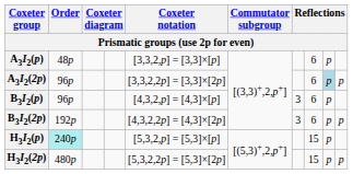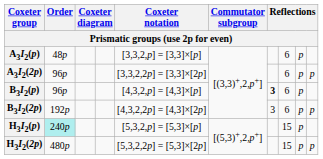 <table class=wikitable>
 <tr valign=top>
 <th><a href='#'>Coxeter<br>group</a></th>
 <th><a href='#'>Order</a></th>
 <th colspan=2><a href='#'>Coxeter<br>diagram</a></th>
 <th><a href='#'>Coxeter<br>notation</a></th>
 <th><a href='#'>Commutator<br>subgroup</a></th>
 <th colspan=4>Reflections</th>
 </tr>
 <tr>
 <th colspan=12>Prismatic groups (use 2p for even)</th>
 </tr>
 <tr align=center>
 <th>A<sub>3</sub><em>I</em><sub>2</sub>(<em>p</em>)</th>
 <td>48<em>p</em></td>
 <td></td>
 <td></td>
 <td>[3,3,2,<em>p</em>] = [3,3]×[<em>p</em>]</td>
 <td rowspan=4>[(3,3)<sup>+</sup>,2,<em>p</em><sup>+</sup>]</td>
 <td></td>
 <td>6 </td>
 <td><em>p</em> </td>
 <td></td>
 </tr>
 <tr align=center>
 <th>A<sub>3</sub><em>I</em><sub>2</sub>(<em>2p</em>)</th>
 <td>96<em>p</em></td>
 <td></td>
 <td></td>
 <td>[3,3,2,2<em>p</em>] = [3,3]×[2<em>p</em>]</td>
 <td></td>
 <td>6 </td>
-<td style="background: lightblue;"><em>p</em> </td>
+<td><em>p</em> </td>
 <td><em>p</em> </td>
 </tr>
 <tr align=center>
 <th>B<sub>3</sub><em>I</em><sub>2</sub>(<em>p</em>)</th>
 <td>96<em>p</em></td>
 <td></td>
 <td></td>
 <td>[4,3,2,<em>p</em>] = [4,3]×[<em>p</em>]</td>
-<td>3 </td>
+<td><strong>3 </strong></td>
 <td>6</td>
 <td><em>p</em> </td>
 </tr>
 <tr align=center>
 <th>B<sub>3</sub><em>I</em><sub>2</sub>(<em>2p</em>)</th>
 <td>192<em>p</em></td>
 <td></td>
 <td></td>
 <td>[4,3,2,2<em>p</em>] = [4,3]×[2<em>p</em>]</td>
 <td>3 </td>
 <td>6 </td>
 <td><em>p</em> </td>
 <td><em>p</em> </td>
 </tr>
 <tr align=center>
 <th>H<sub>3</sub><em>I</em><sub>2</sub>(<em>p</em>)</th>
 <td style="background: paleturquoise;">240<em>p</em></td>
 <td></td>
 <td></td>
 <td>[5,3,2,<em>p</em>] = [5,3]×[<em>p</em>]</td>
 <td rowspan=2>[(5,3)<sup>+</sup>,2,<em>p</em><sup>+</sup>]</td>
 <td></td>
 <td>15 </td>
 <td><em>p</em> </td>
 </tr>
 <tr align=center>
 <th>H<sub>3</sub><em>I</em><sub>2</sub>(<em>2p</em>)</th>
 <td>480<em>p</em></td>
 <td></td>
 <td></td>
 <td>[5,3,2,2<em>p</em>] = [5,3]×[2<em>p</em>]</td>
 <td></td>
 <td>15 </td>
 <td><em>p</em> </td>
 <td><em>p</em> </td>
 </tr>
 </table>
